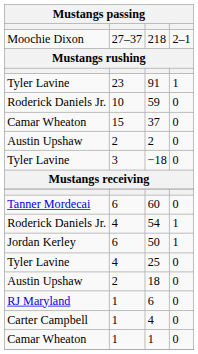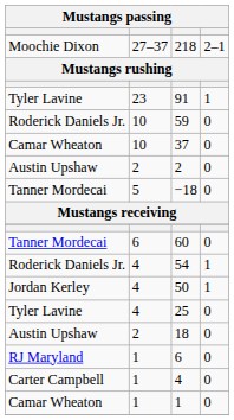 <table class="wikitable plainrowheaders">
 <tr>
 <th colspan="6">Mustangs passing</th>
 </tr>
 <tr>
 <th scope="col"></th>
 <th scope="col"></th>
 <th scope="col"></th>
 <th scope="col"></th>
 </tr>
 <tr>
 <td>Moochie Dixon</td>
 <td>27–37</td>
 <td>218</td>
 <td>2–1</td>
 </tr>
 <tr>
 <th colspan="6">Mustangs rushing</th>
 </tr>
 <tr>
 <th scope="col"></th>
 <th scope="col"></th>
 <th scope="col"></th>
 <th scope="col"></th>
 </tr>
 <tr>
 <td>Tyler Lavine</td>
 <td>23</td>
 <td>91</td>
 <td>1</td>
 </tr>
 <tr>
 <td>Roderick Daniels Jr.</td>
 <td>10</td>
 <td>59</td>
 <td>0</td>
 </tr>
 <tr>
 <td>Camar Wheaton</td>
-<td>15</td>
+<td>10</td>
 <td>37</td>
 <td>0</td>
 </tr>
 <tr>
 <td>Austin Upshaw</td>
 <td>2</td>
 <td>2</td>
 <td>0</td>
 </tr>
 <tr>
-<td>Tyler Lavine</td>
-<td>3</td>
+<td>Tanner Mordecai</td>
+<td>5</td>
 <td>−18</td>
 <td>0</td>
 </tr>
 <tr>
 <th colspan="6">Mustangs receiving</th>
 </tr>
 <tr>
 </tr>
 <tr>
 <th scope="col"></th>
 <th scope="col"></th>
 <th scope="col"></th>
 <th scope="col"></th>
 </tr>
 <tr>
 <td><a href='#'>Tanner Mordecai</a></td>
 <td>6</td>
 <td>60</td>
 <td>0</td>
 </tr>
 <tr>
 <td>Roderick Daniels Jr.</td>
 <td>4</td>
 <td>54</td>
 <td>1</td>
 </tr>
 <tr>
 <td>Jordan Kerley</td>
-<td>6</td>
+<td>4</td>
 <td>50</td>
 <td>1</td>
 </tr>
 <tr>
 <td>Tyler Lavine</td>
 <td>4</td>
 <td>25</td>
 <td>0</td>
 </tr>
 <tr>
 <td>Austin Upshaw</td>
 <td>2</td>
 <td>18</td>
 <td>0</td>
 </tr>
 <tr>
 <td><a href='#'>RJ Maryland</a></td>
 <td>1</td>
 <td>6</td>
 <td>0</td>
 </tr>
 <tr>
 <td>Carter Campbell</td>
 <td>1</td>
 <td>4</td>
 <td>0</td>
 </tr>
 <tr>
 <td>Camar Wheaton</td>
 <td>1</td>
 <td>1</td>
 <td>0</td>
 </tr>
 <tr>
 </tr>
 </table>
